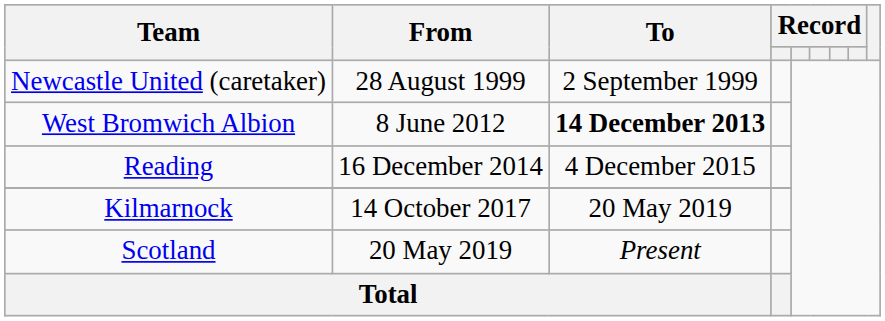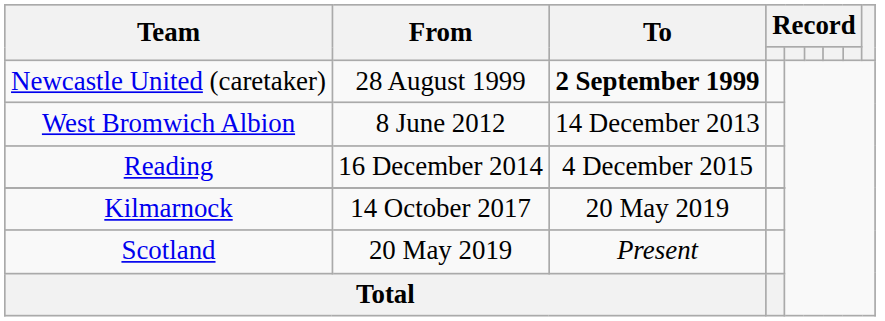 <table class=wikitable style="text-align: center">
 <tr>
 <th rowspan=2>Team</th>
 <th rowspan=2>From</th>
 <th rowspan=2>To</th>
 <th colspan=5>Record</th>
 <th rowspan=2></th>
 </tr>
 <tr>
 <th></th>
 <th></th>
 <th></th>
 <th></th>
 <th></th>
 </tr>
 <tr>
 <td align=centre><a href='#'>Newcastle United</a> (caretaker)</td>
 <td align=centre>28 August 1999</td>
-<td align=centre>2 September 1999<br></td>
+<td align=centre><strong>2 September 1999<br></strong></td>
 <td></td>
 </tr>
 <tr>
 <td align=centre><a href='#'>West Bromwich Albion</a></td>
 <td align=centre>8 June 2012</td>
-<td align=centre><strong>14 December 2013<br></strong></td>
+<td align=centre>14 December 2013<br></td>
 <td></td>
 </tr>
 <tr>
 <td align=centre><a href='#'>Reading</a></td>
 <td align=centre>16 December 2014</td>
 <td align=centre>4 December 2015<br></td>
 <td></td>
 </tr>
 <tr>
 </tr>
 <tr>
 <td align=centre><a href='#'>Kilmarnock</a></td>
 <td align=centre>14 October 2017</td>
 <td align=centre>20 May 2019<br></td>
 <td></td>
 </tr>
 <tr>
 <td align=centre><a href='#'>Scotland</a></td>
 <td align=centre>20 May 2019</td>
 <td align=centre><em>Present</em><br></td>
 <td></td>
 </tr>
 <tr>
 <th colspan=3>Total<br></th>
 <th></th>
 </tr>
 </table>
